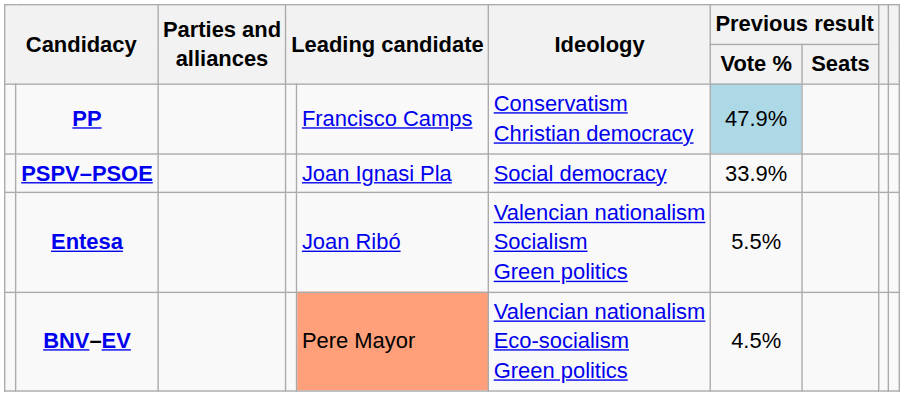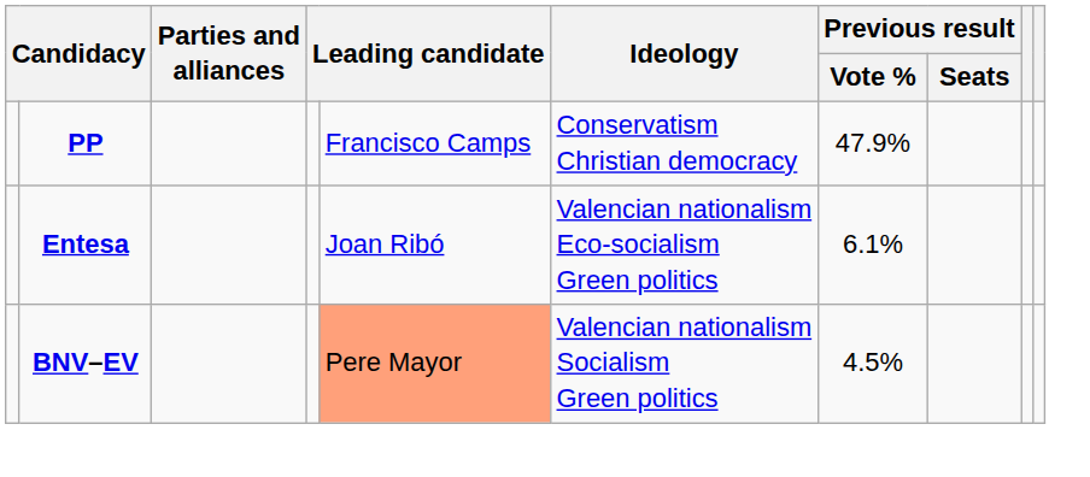 <table class="wikitable" style="line-height:1.35em; text-align:left;">
 <tr>
 <th colspan="2" rowspan="2">Candidacy</th>
 <th rowspan="2">Parties and<br>alliances</th>
 <th colspan="2" rowspan="2">Leading candidate</th>
 <th rowspan="2">Ideology</th>
 <th colspan="2">Previous result</th>
 <th rowspan="2"></th>
 <th rowspan="2"></th>
 </tr>
 <tr>
 <th>Vote %</th>
 <th>Seats</th>
 </tr>
 <tr>
 <td width="1" style="color:inherit;background:"></td>
 <td align="center"><strong><a href='#'>PP</a></strong></td>
 <td></td>
 <td></td>
 <td><a href='#'>Francisco Camps</a></td>
 <td><a href='#'>Conservatism</a><br><a href='#'>Christian democracy</a></td>
-<td align="center" style="background: lightblue;">47.9%</td>
-<td></td>
-<td></td>
-<td></td>
-</tr>
-<tr>
-<td style="color:inherit;background:"></td>
-<td align="center"><strong><a href='#'>PSPV–PSOE</a></strong></td>
-<td></td>
-<td></td>
-<td><a href='#'>Joan Ignasi Pla</a></td>
-<td><a href='#'>Social democracy</a></td>
-<td align="center">33.9%</td>
+<td align="center">47.9%</td>
 <td></td>
 <td></td>
 <td></td>
 </tr>
 <tr>
 <td style="color:inherit;background:"></td>
 <td align="center"><strong><a href='#'>Entesa</a></strong></td>
 <td></td>
 <td></td>
 <td><a href='#'>Joan Ribó</a></td>
-<td><a href='#'>Valencian nationalism</a><br><a href='#'>Socialism</a><br><a href='#'>Green politics</a></td>
-<td align="center">5.5%</td>
+<td><a href='#'>Valencian nationalism</a><br><a href='#'>Eco-socialism</a><br><a href='#'>Green politics</a></td>
+<td align="center">6.1%</td>
 <td></td>
 <td></td>
 <td></td>
 </tr>
 <tr>
 <td style="color:inherit;background:"></td>
 <td align="center"><strong><a href='#'>BNV</a>–<a href='#'>EV</a></strong></td>
 <td></td>
 <td></td>
 <td style="background: lightsalmon;">Pere Mayor</td>
-<td><a href='#'>Valencian nationalism</a><br><a href='#'>Eco-socialism</a><br><a href='#'>Green politics</a></td>
+<td><a href='#'>Valencian nationalism</a><br><a href='#'>Socialism</a><br><a href='#'>Green politics</a></td>
 <td align="center">4.5%</td>
 <td></td>
 <td></td>
 <td></td>
 </tr>
 </table>
